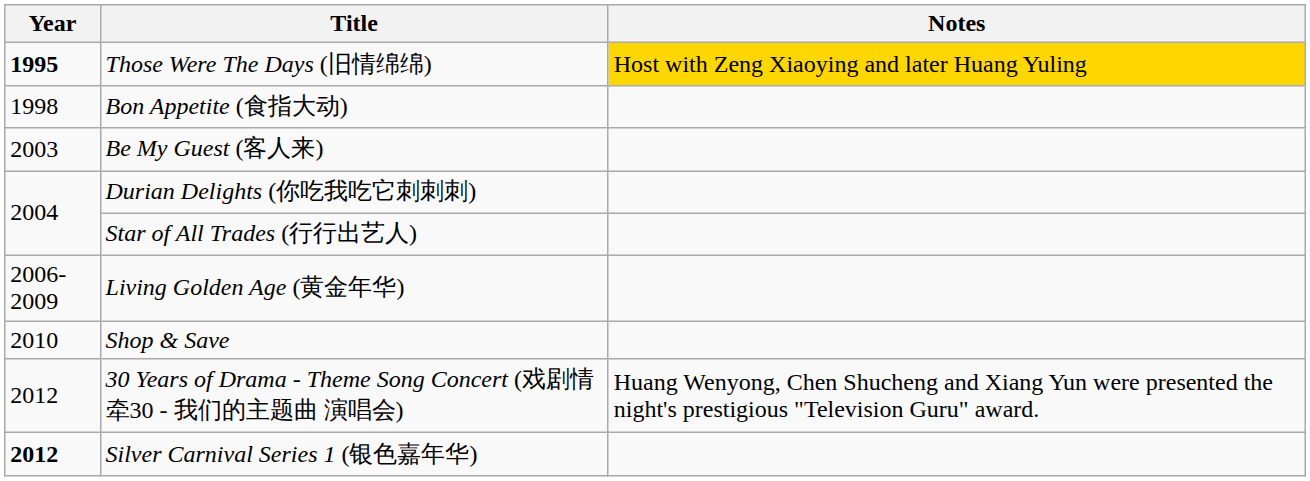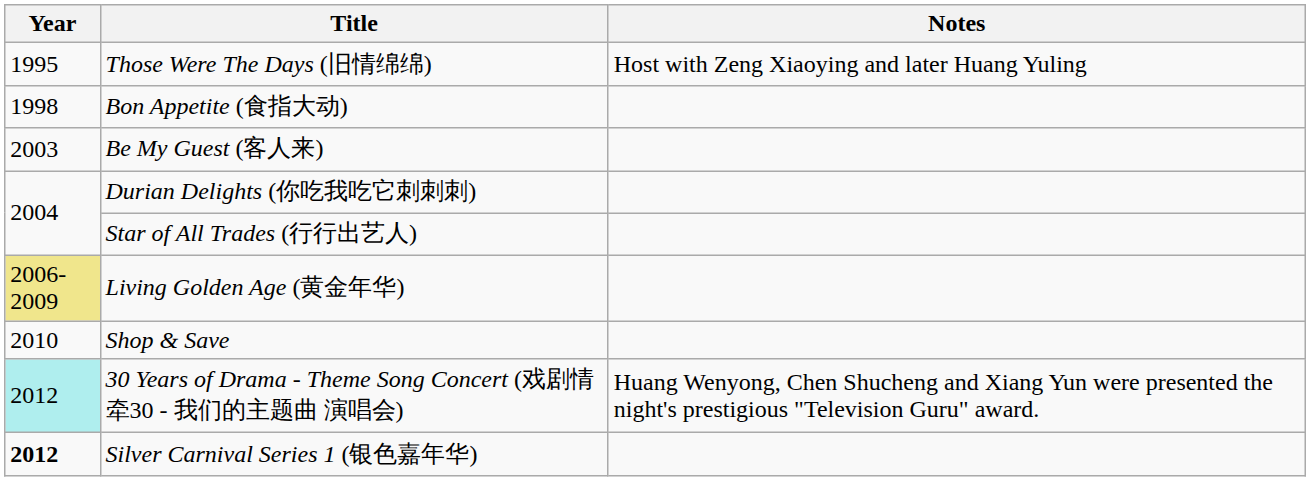 <table class="wikitable sortable">
 <tr>
 <th>Year</th>
 <th>Title</th>
 <th class="unsortable">Notes</th>
 </tr>
 <tr>
-<td><strong>1995</strong></td>
+<td>1995</td>
 <td><em>Those Were The Days</em> (旧情绵绵)</td>
-<td style="background: gold;">Host with Zeng Xiaoying and later Huang Yuling</td>
+<td>Host with Zeng Xiaoying and later Huang Yuling</td>
 </tr>
 <tr>
 <td>1998</td>
 <td><em>Bon Appetite</em> (食指大动)</td>
 <td></td>
 </tr>
 <tr>
 <td>2003</td>
 <td><em>Be My Guest</em> (客人来)</td>
 <td></td>
 </tr>
 <tr>
 <td rowspan="2">2004</td>
 <td><em>Durian Delights</em> (你吃我吃它刺刺刺)</td>
 <td></td>
 </tr>
 <tr>
 <td><em>Star of All Trades</em> (行行出艺人)</td>
 <td></td>
 </tr>
 <tr>
-<td>2006-2009</td>
+<td style="background: khaki;">2006-2009</td>
 <td><em>Living Golden Age</em> (黄金年华)</td>
 <td></td>
 </tr>
 <tr>
 <td>2010</td>
 <td><em>Shop & Save</em></td>
 <td></td>
 </tr>
 <tr>
-<td>2012</td>
+<td style="background: paleturquoise;">2012</td>
 <td><em>30 Years of Drama - Theme Song Concert</em> (戏剧情牵30 - 我们的主题曲 演唱会)</td>
 <td>Huang Wenyong, Chen Shucheng and Xiang Yun were presented the night's prestigious "Television Guru" award.</td>
 </tr>
 <tr>
 <td><strong>2012</strong></td>
 <td><em>Silver Carnival Series 1</em> (银色嘉年华)</td>
 <td></td>
 </tr>
 </table>
